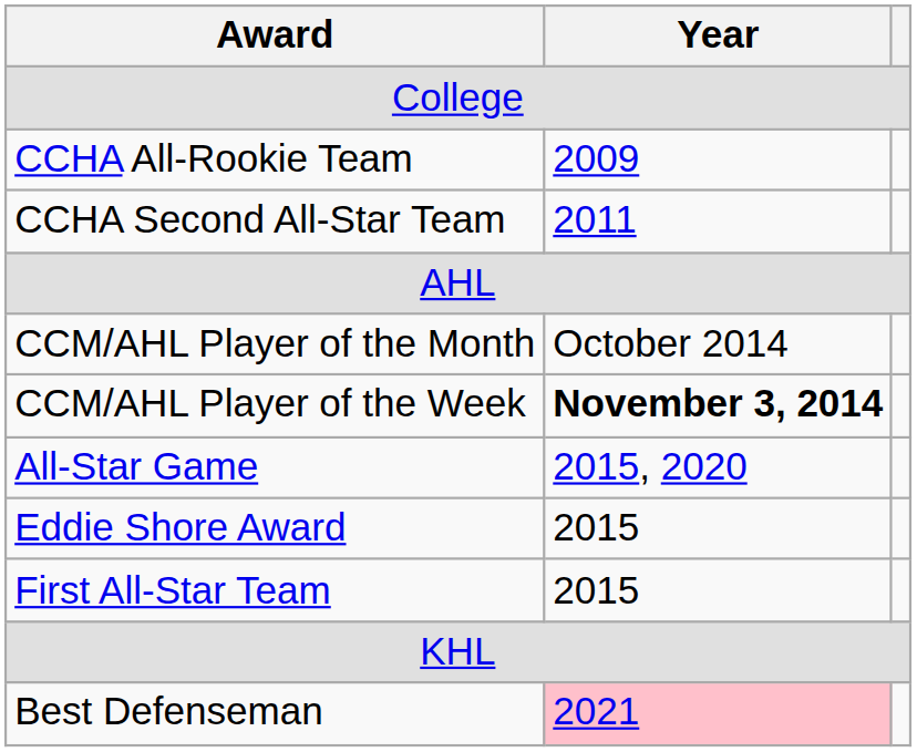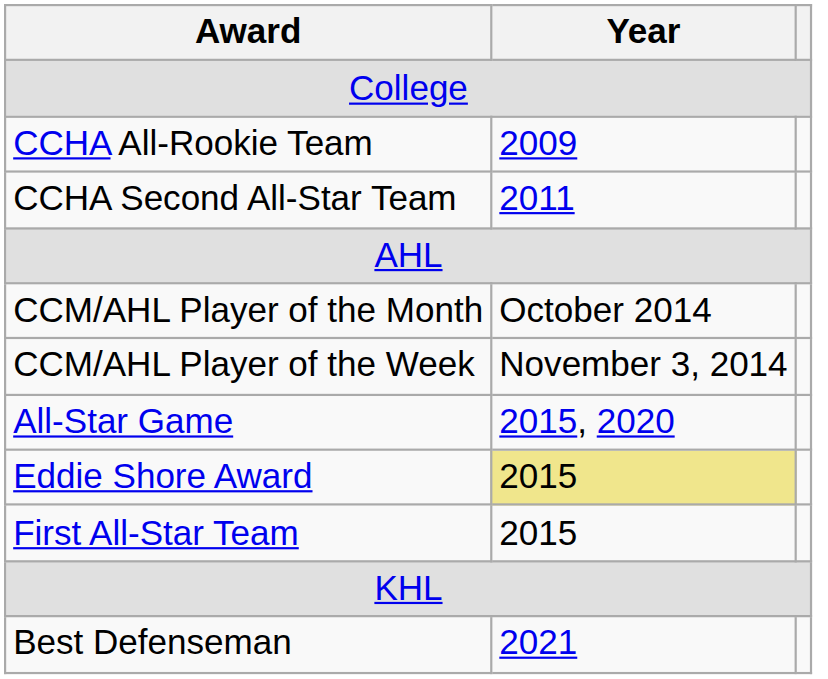 <table class="wikitable">
 <tr>
 <th>Award</th>
 <th>Year</th>
 <th></th>
 </tr>
 <tr ALIGN="center" bgcolor="#e0e0e0">
 <td colspan="3"><a href='#'>College</a></td>
 </tr>
 <tr>
 <td><a href='#'>CCHA</a> All-Rookie Team</td>
 <td><a href='#'>2009</a></td>
 <td></td>
 </tr>
 <tr>
 <td>CCHA Second All-Star Team</td>
 <td><a href='#'>2011</a></td>
 <td></td>
 </tr>
 <tr ALIGN="center" bgcolor="#e0e0e0">
 <td colspan="3"><a href='#'>AHL</a></td>
 </tr>
 <tr>
 <td>CCM/AHL Player of the Month</td>
 <td>October 2014</td>
 <td></td>
 </tr>
 <tr>
 <td>CCM/AHL Player of the Week</td>
-<td><strong>November 3, 2014</strong></td>
+<td>November 3, 2014</td>
 <td></td>
 </tr>
 <tr>
 <td><a href='#'>All-Star Game</a></td>
 <td><a href='#'>2015</a>, <a href='#'>2020</a></td>
 <td></td>
 </tr>
 <tr>
 <td><a href='#'>Eddie Shore Award</a></td>
-<td>2015</td>
+<td style="background: khaki;">2015</td>
 <td></td>
 </tr>
 <tr>
 <td><a href='#'>First All-Star Team</a></td>
 <td>2015</td>
 <td></td>
 </tr>
 <tr ALIGN="center" bgcolor="#e0e0e0">
 <td colspan="3"><a href='#'>KHL</a></td>
 </tr>
 <tr>
 <td>Best Defenseman</td>
-<td style="background: pink;"><a href='#'>2021</a></td>
+<td><a href='#'>2021</a></td>
 <td></td>
 </tr>
 </table>
